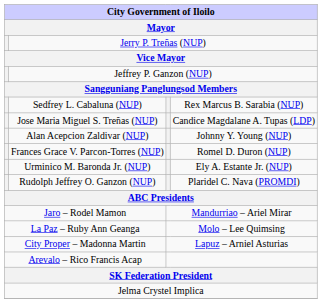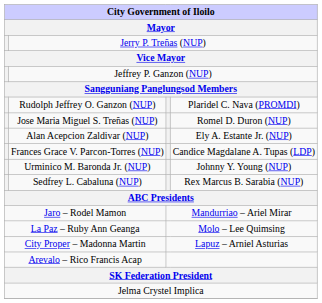 <table class="wikitable" style="margin:0; margin-top:0;" align=center>
 <tr>
 <th colspan="4" align="center" style="background:#ccf;">City Government of Iloilo</th>
 </tr>
 <tr style="text-align:center;">
 <th colspan="4" align="center"><a href='#'>Mayor</a></th>
 </tr>
 <tr style="text-align:center;">
 <th style="background:"></th>
 <td colspan="3" align="center"><a href='#'>Jerry P. Treñas</a> (<a href='#'>NUP</a>)</td>
 </tr>
 <tr style="text-align:center;">
 <th colspan="4" align="center"><a href='#'>Vice Mayor</a></th>
 </tr>
 <tr style="text-align:center;">
 <th style="background:"></th>
 <td colspan="3" align="center">Jeffrey P. Ganzon (<a href='#'>NUP</a>)</td>
 </tr>
 <tr style="text-align:center;">
 <th colspan="4" align="center"><a href='#'>Sangguniang Panglungsod Members</a></th>
 </tr>
+<tr>
+<th style="background:"></th>
+<td align="center">Rudolph Jeffrey O. Ganzon (<a href='#'>NUP</a>)</td>
+<th style="background:"></th>
+<td align="center">Plaridel C. Nava (<a href='#'>PROMDI</a>)</td>
+</tr>
+<tr>
+<th style="background:"></th>
+<td align="center">Jose Maria Miguel S. Treñas (<a href='#'>NUP</a>)</td>
+<th style="background:"></th>
+<td align="center">Romel D. Duron (<a href='#'>NUP</a>)</td>
+</tr>
+<tr>
+<th style="background:"></th>
+<td align="center">Alan Acepcion Zaldivar (<a href='#'>NUP</a>)</td>
+<th style="background:"></th>
+<td align="center">Ely A. Estante Jr. (<a href='#'>NUP</a>)</td>
+</tr>
+<tr>
+<th style="background:"></th>
+<td align="center">Frances Grace V. Parcon-Torres (<a href='#'>NUP</a>)</td>
+<th style="background:"></th>
+<td align="center">Candice Magdalane A. Tupas (<a href='#'>LDP</a>)</td>
+</tr>
+<tr>
+<th style="background:"></th>
+<td align="center">Urminico M. Baronda Jr. (<a href='#'>NUP</a>)</td>
+<th style="background:"></th>
+<td align="center">Johnny Y. Young (<a href='#'>NUP</a>)</td>
+</tr>
 <tr style="text-align:center;">
 <th style="background:"></th>
 <td align="center">Sedfrey L. Cabaluna (<a href='#'>NUP</a>)</td>
 <th style="background:"></th>
 <td align="center">Rex Marcus B. Sarabia (<a href='#'>NUP</a>)</td>
-</tr>
-<tr>
-<th style="background:"></th>
-<td align="center">Jose Maria Miguel S. Treñas (<a href='#'>NUP</a>)</td>
-<th style="background:"></th>
-<td align="center">Candice Magdalane A. Tupas (<a href='#'>LDP</a>)</td>
-</tr>
-<tr>
-<th style="background:"></th>
-<td align="center">Alan Acepcion Zaldivar (<a href='#'>NUP</a>)</td>
-<th style="background:"></th>
-<td align="center">Johnny Y. Young (<a href='#'>NUP</a>)</td>
-</tr>
-<tr>
-<th style="background:"></th>
-<td align="center">Frances Grace V. Parcon-Torres (<a href='#'>NUP</a>)</td>
-<th style="background:"></th>
-<td align="center">Romel D. Duron (<a href='#'>NUP</a>)</td>
-</tr>
-<tr>
-<th style="background:"></th>
-<td align="center">Urminico M. Baronda Jr. (<a href='#'>NUP</a>)</td>
-<th style="background:"></th>
-<td align="center">Ely A. Estante Jr. (<a href='#'>NUP</a>)</td>
-</tr>
-<tr>
-<th style="background:"></th>
-<td align="center">Rudolph Jeffrey O. Ganzon (<a href='#'>NUP</a>)</td>
-<th style="background:"></th>
-<td align="center">Plaridel C. Nava (<a href='#'>PROMDI</a>)</td>
 </tr>
 <tr>
 <th colspan="4" align="center"><a href='#'>ABC Presidents</a></th>
 </tr>
 <tr style="text-align:center;">
 <td colspan="2" align="center"><a href='#'>Jaro</a> – Rodel Mamon</td>
 <td colspan="2"><a href='#'>Mandurriao</a> – Ariel Mirar</td>
 </tr>
 <tr style="text-align: center;">
 <td colspan="2" align="center"><a href='#'>La Paz</a> – Ruby Ann Geanga</td>
 <td colspan="2"><a href='#'>Molo</a> – Lee Quimsing</td>
 </tr>
 <tr style="text-align: center;">
 <td colspan="2" align="center"><a href='#'>City Proper</a> – Madonna Martin</td>
 <td colspan="2"><a href='#'>Lapuz</a> – Arniel Asturias</td>
 </tr>
 <tr style="text-align: center;">
 <td colspan="2" align="center"><a href='#'>Arevalo</a> – Rico Francis Acap</td>
 <td colspan="2"></td>
 </tr>
 <tr style="text-align:center;">
 <th colspan="4" align="center"><a href='#'>SK Federation President</a></th>
 </tr>
 <tr style="text-align:center;">
 <td colspan="4" align="center">Jelma Crystel Implica</td>
 </tr>
 <tr>
 </tr>
 </table>
